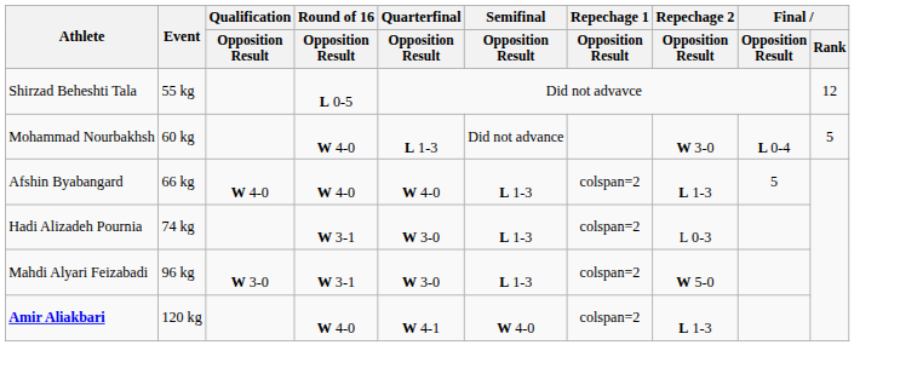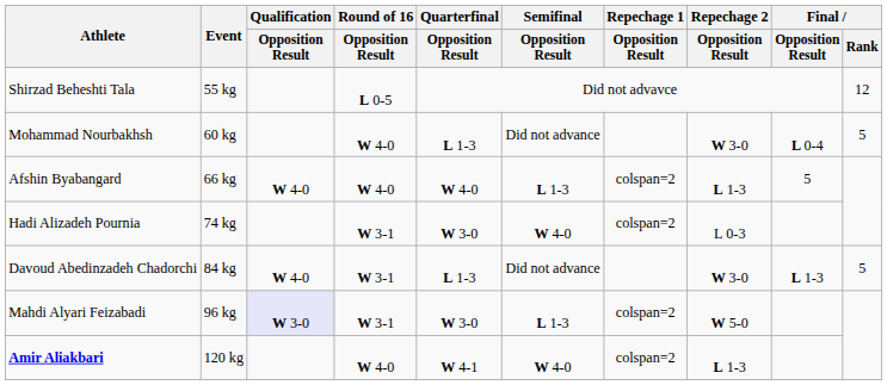 <table class="wikitable" style="font-size:90%;">
 <tr>
 <th rowspan=2>Athlete</th>
 <th rowspan=2>Event</th>
 <th>Qualification</th>
 <th>Round of 16</th>
 <th>Quarterfinal</th>
 <th>Semifinal</th>
 <th>Repechage 1</th>
 <th>Repechage 2</th>
 <th colspan=2>Final / </th>
 </tr>
 <tr style="font-size: 95%">
 <th>Opposition<br>Result</th>
 <th>Opposition<br>Result</th>
 <th>Opposition<br>Result</th>
 <th>Opposition<br>Result</th>
 <th>Opposition<br>Result</th>
 <th>Opposition<br>Result</th>
 <th>Opposition<br>Result</th>
 <th>Rank</th>
 </tr>
 <tr align=center>
 <td align=left>Shirzad Beheshti Tala</td>
 <td align=left>55 kg</td>
 <td></td>
 <td><br><strong>L</strong> 0-5 <sup></sup></td>
 <td colspan=5>Did not advavce</td>
 <td>12</td>
 </tr>
 <tr align=center>
 <td align=left>Mohammad Nourbakhsh</td>
 <td align=left>60 kg</td>
 <td></td>
 <td><br><strong>W</strong> 4-0 <sup></sup></td>
 <td><br><strong>L</strong> 1-3 <sup></sup></td>
 <td>Did not advance</td>
 <td></td>
 <td><br><strong>W </strong>3-0<strong> </strong><sup></sup></td>
 <td><br><strong>L </strong>0-4 <sup></sup></td>
 <td>5</td>
 </tr>
 <tr style="text-align:center;">
 <td align=left>Afshin Byabangard</td>
 <td align=left>66 kg</td>
 <td><br><strong>W</strong> 4-0 <sup></sup></td>
 <td><br><strong>W</strong> 4-0 <sup></sup></td>
 <td><br><strong>W</strong> 4-0 <sup></sup></td>
 <td><br><strong>L</strong> 1-3 <sup></sup></td>
 <td>colspan=2 </td>
 <td><br><strong>L</strong> 1-3 <sup></sup></td>
 <td>5</td>
 </tr>
 <tr style="text-align:center;">
 <td align=left>Hadi Alizadeh Pournia</td>
 <td align=left>74 kg</td>
 <td></td>
 <td><br><strong>W </strong>3-1 <sup></sup></td>
 <td><br><strong>W </strong>3-0<strong> </strong><sup></sup></td>
-<td><br><strong>L</strong> 1-3 <sup></sup></td>
+<td><br><strong>W</strong> 4-0 <sup></sup></td>
 <td>colspan=2 </td>
 <td><br>L<strong> </strong>0-3<strong> </strong><sup></sup></td>
 <td></td>
 </tr>
+<tr align=center>
+<td align=left>Davoud Abedinzadeh Chadorchi</td>
+<td align=left>84 kg</td>
+<td><br><strong>W</strong> 4-0 <sup></sup></td>
+<td><br><strong>W </strong>3-1 <sup></sup></td>
+<td><br><strong>L</strong> 1-3 <sup></sup></td>
+<td>Did not advance</td>
+<td></td>
+<td><br><strong>W </strong>3-0<strong> </strong><sup></sup></td>
+<td><br><strong>L</strong> 1-3 <sup></sup></td>
+<td>5</td>
+</tr>
 <tr style="text-align:center;">
 <td align=left>Mahdi Alyari Feizabadi</td>
 <td align=left>96 kg</td>
-<td><br><strong>W </strong>3-0<strong> </strong><sup></sup></td>
+<td style="background: lavender;"><br><strong>W </strong>3-0<strong> </strong><sup></sup></td>
 <td><br><strong>W </strong>3-1 <sup></sup></td>
 <td><br><strong>W </strong>3-0<strong> </strong><sup></sup></td>
 <td><br><strong>L</strong> 1-3 <sup></sup></td>
 <td>colspan=2 </td>
 <td><br><strong>W</strong> 5-0 <sup></sup></td>
 <td></td>
 </tr>
 <tr style="text-align:center;">
 <td style="text-align:left;"><strong><a href='#'>Amir Aliakbari</a></strong></td>
 <td align=left>120 kg</td>
 <td></td>
 <td><br><strong>W</strong> 4-0 <sup></sup></td>
 <td><br><strong>W </strong>4-1 <sup></sup></td>
 <td><br><strong>W</strong> 4-0 <sup></sup></td>
 <td>colspan=2 </td>
 <td><br><strong>L</strong> 1-3 <sup></sup></td>
 <td></td>
 </tr>
 </table>
